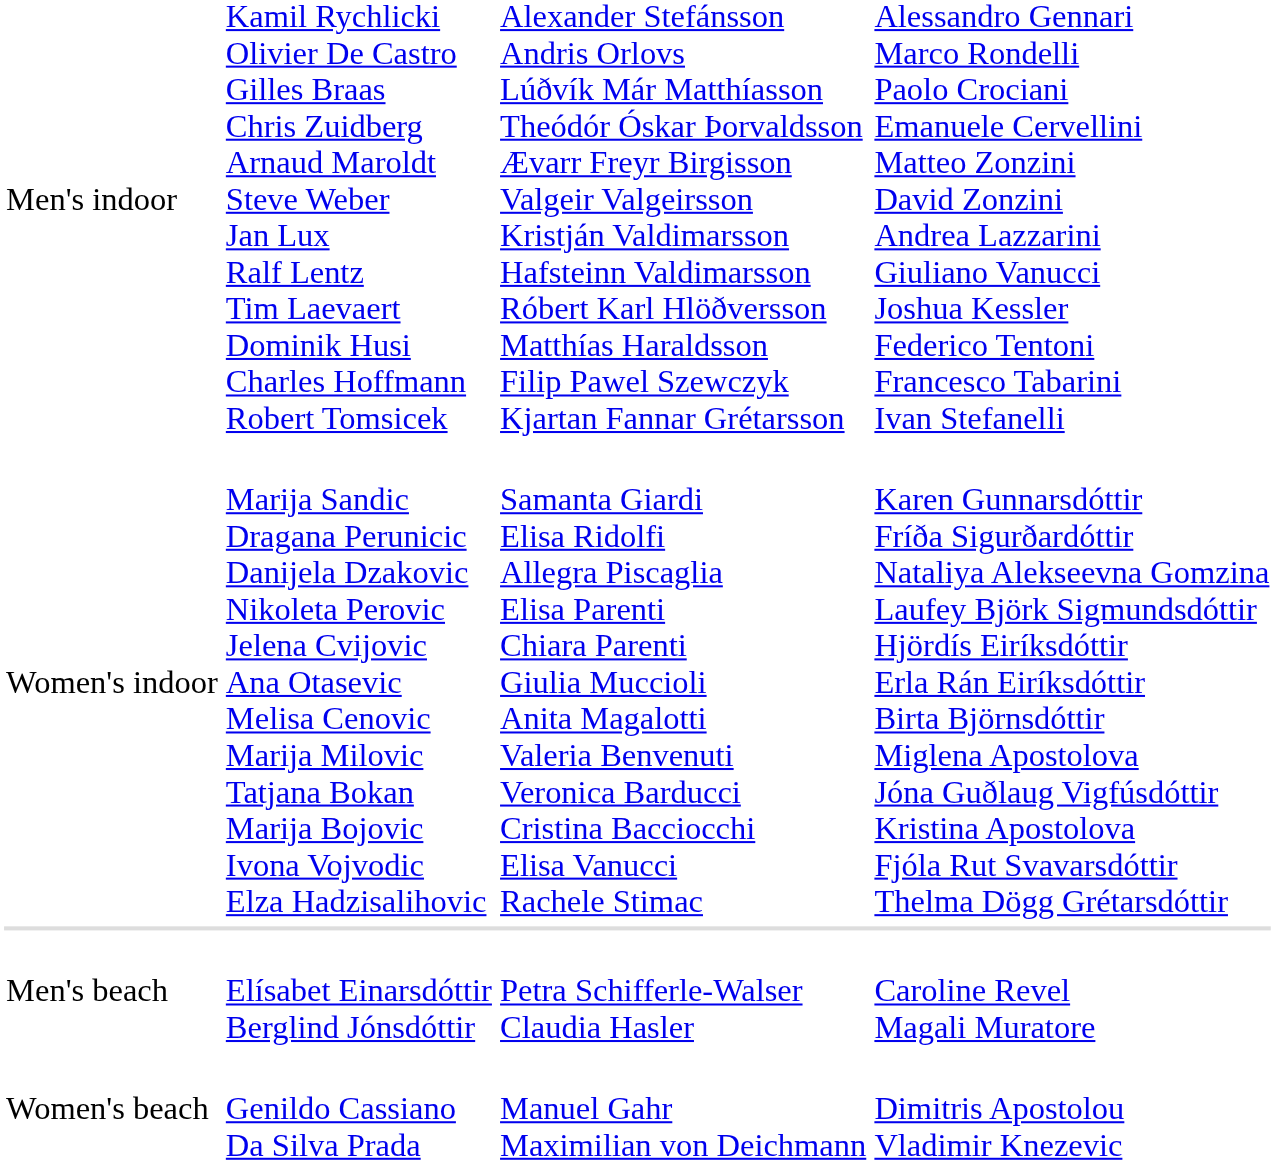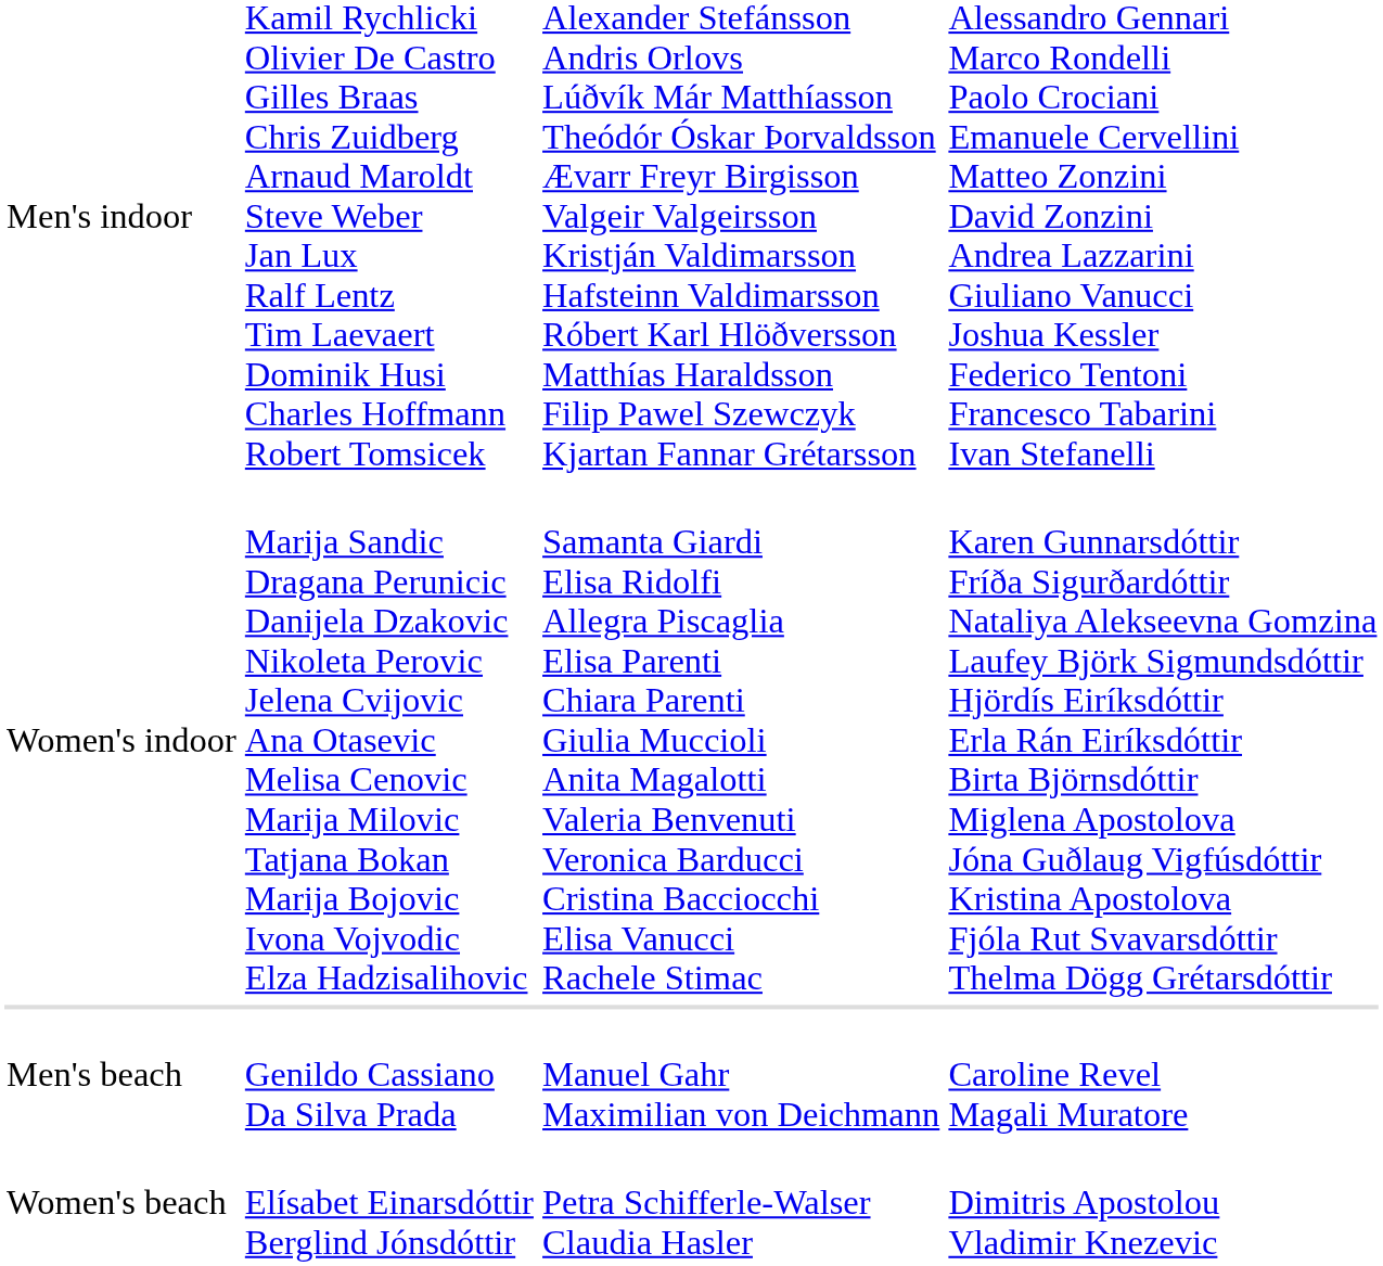 <table>
 <tr>
 <td>Men's indoor</td>
 <td><br><a href='#'>Kamil Rychlicki</a><br><a href='#'>Olivier De Castro</a> <br><a href='#'>Gilles Braas</a><br><a href='#'>Chris Zuidberg</a><br><a href='#'>Arnaud Maroldt</a><br><a href='#'>Steve Weber</a><br><a href='#'>Jan Lux</a><br><a href='#'>Ralf Lentz</a><br><a href='#'>Tim Laevaert</a><br><a href='#'>Dominik Husi</a><br><a href='#'>Charles Hoffmann</a><br><a href='#'>Robert Tomsicek</a></td>
 <td><br><a href='#'>Alexander Stefánsson</a><br><a href='#'>Andris Orlovs</a><br><a href='#'>Lúðvík Már Matthíasson</a><br><a href='#'>Theódór Óskar Þorvaldsson</a><br><a href='#'>Ævarr Freyr Birgisson</a><br><a href='#'>Valgeir Valgeirsson</a><br><a href='#'>Kristján Valdimarsson</a><br><a href='#'>Hafsteinn Valdimarsson</a><br><a href='#'>Róbert Karl Hlöðversson</a><br><a href='#'>Matthías Haraldsson</a><br><a href='#'>Filip Pawel Szewczyk</a><br><a href='#'>Kjartan Fannar Grétarsson</a></td>
 <td><br><a href='#'>Alessandro Gennari</a><br><a href='#'>Marco Rondelli</a><br><a href='#'>Paolo Crociani</a><br><a href='#'>Emanuele Cervellini</a><br><a href='#'>Matteo Zonzini</a><br><a href='#'>David Zonzini</a><br><a href='#'>Andrea Lazzarini</a><br><a href='#'>Giuliano Vanucci</a><br><a href='#'>Joshua Kessler</a><br><a href='#'>Federico Tentoni</a><br><a href='#'>Francesco Tabarini</a><br><a href='#'>Ivan Stefanelli</a></td>
 </tr>
 <tr>
 <td>Women's indoor</td>
 <td><br><a href='#'>Marija Sandic</a><br><a href='#'>Dragana Perunicic</a><br><a href='#'>Danijela Dzakovic</a><br><a href='#'>Nikoleta Perovic</a><br><a href='#'>Jelena Cvijovic</a><br><a href='#'>Ana Otasevic</a><br><a href='#'>Melisa Cenovic</a><br><a href='#'>Marija Milovic</a><br><a href='#'>Tatjana Bokan</a><br><a href='#'>Marija Bojovic</a><br><a href='#'>Ivona Vojvodic</a><br><a href='#'>Elza Hadzisalihovic</a></td>
 <td><br><a href='#'>Samanta Giardi</a><br><a href='#'>Elisa Ridolfi</a><br><a href='#'>Allegra Piscaglia</a><br><a href='#'>Elisa Parenti</a><br><a href='#'>Chiara Parenti</a><br><a href='#'>Giulia Muccioli</a><br><a href='#'>Anita Magalotti</a><br><a href='#'>Valeria Benvenuti</a><br><a href='#'>Veronica Barducci</a><br><a href='#'>Cristina Bacciocchi</a><br><a href='#'>Elisa Vanucci</a><br><a href='#'>Rachele Stimac</a></td>
 <td><br><a href='#'>Karen Gunnarsdóttir</a><br><a href='#'>Fríða Sigurðardóttir</a><br><a href='#'>Nataliya Alekseevna Gomzina</a><br><a href='#'>Laufey Björk Sigmundsdóttir</a><br><a href='#'>Hjördís Eiríksdóttir</a><br><a href='#'>Erla Rán Eiríksdóttir</a><br><a href='#'>Birta Björnsdóttir</a><br><a href='#'>Miglena Apostolova</a><br><a href='#'>Jóna Guðlaug Vigfúsdóttir</a><br><a href='#'>Kristina Apostolova</a><br><a href='#'>Fjóla Rut Svavarsdóttir</a><br><a href='#'>Thelma Dögg Grétarsdóttir</a></td>
 </tr>
 <tr bgcolor=#DDDDDD>
 <td colspan=7></td>
 </tr>
 <tr>
 <td>Men's beach</td>
-<td><br><a href='#'>Elísabet Einarsdóttir</a><br><a href='#'>Berglind Jónsdóttir</a></td>
-<td><br><a href='#'>Petra Schifferle-Walser</a><br><a href='#'>Claudia Hasler</a></td>
+<td><br><a href='#'>Genildo Cassiano</a><br><a href='#'>Da Silva Prada</a></td>
+<td><br><a href='#'>Manuel Gahr</a><br><a href='#'>Maximilian von Deichmann</a></td>
 <td><br><a href='#'>Caroline Revel</a><br><a href='#'>Magali Muratore</a></td>
 </tr>
 <tr>
 <td>Women's beach</td>
-<td><br><a href='#'>Genildo Cassiano</a><br><a href='#'>Da Silva Prada</a></td>
-<td><br><a href='#'>Manuel Gahr</a><br><a href='#'>Maximilian von Deichmann</a></td>
+<td><br><a href='#'>Elísabet Einarsdóttir</a><br><a href='#'>Berglind Jónsdóttir</a></td>
+<td><br><a href='#'>Petra Schifferle-Walser</a><br><a href='#'>Claudia Hasler</a></td>
 <td><br><a href='#'>Dimitris Apostolou</a><br><a href='#'>Vladimir Knezevic</a></td>
 </tr>
 </table>
